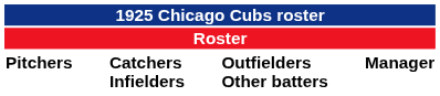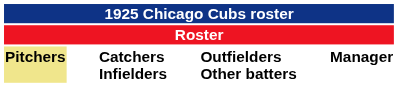 <table class="toccolours" style="font-size: 95%;">
 <tr>
 <th colspan="10" style="background-color: #0e3386; color: white; text-align: center;">1925 Chicago Cubs roster</th>
 </tr>
 <tr>
 <td colspan="10" style="background-color: #EE1422; color: white; text-align: center;"><strong>Roster</strong></td>
 </tr>
 <tr>
-<td valign="top"><strong>Pitchers</strong><br>            </td>
+<td valign="top" style="background: khaki;"><strong>Pitchers</strong><br>            </td>
 <td width="25px"></td>
 <td valign="top"><strong>Catchers</strong><br>    <strong>Infielders</strong>           </td>
 <td width="25px"></td>
 <td valign="top"><strong>Outfielders</strong><br>           <strong>Other batters</strong> </td>
 <td width="25px"></td>
 <td valign="top"><strong>Manager</strong><br>  </td>
 </tr>
 </table>
